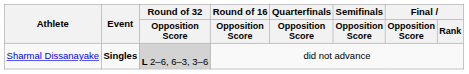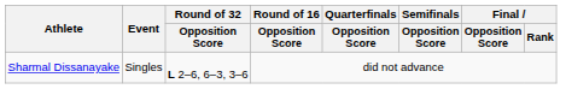 <table class=wikitable style="font-size:90%">
 <tr>
 <th rowspan="2">Athlete</th>
 <th rowspan="2">Event</th>
 <th>Round of 32</th>
 <th>Round of 16</th>
 <th>Quarterfinals</th>
 <th>Semifinals</th>
 <th colspan=2>Final / </th>
 </tr>
 <tr style="font-size:95%">
 <th>Opposition<br>Score</th>
 <th>Opposition<br>Score</th>
 <th>Opposition<br>Score</th>
 <th>Opposition<br>Score</th>
 <th>Opposition<br>Score</th>
 <th>Rank</th>
 </tr>
 <tr align=center>
 <td align=left><a href='#'>Sharmal Dissanayake</a></td>
-<td><strong>Singles</strong></td>
-<td style="background: lightgrey;"><br><strong>L</strong> 2–6, 6–3, 3–6</td>
+<td>Singles</td>
+<td><br><strong>L</strong> 2–6, 6–3, 3–6</td>
 <td colspan=5>did not advance</td>
 </tr>
 </table>
